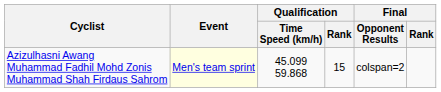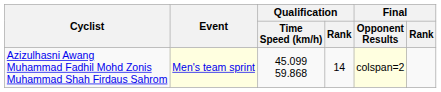 <table class="wikitable" style="font-size:90%">
 <tr>
 <th rowspan=2>Cyclist</th>
 <th rowspan=2>Event</th>
 <th colspan=2>Qualification</th>
 <th colspan=2>Final</th>
 </tr>
 <tr style="font-size:95%">
 <th>Time<br>Speed (km/h)</th>
 <th>Rank</th>
 <th>Opponent<br>Results</th>
 <th>Rank</th>
 </tr>
 <tr align=center>
 <td align=left><a href='#'>Azizulhasni Awang</a><br><a href='#'>Muhammad Fadhil Mohd Zonis</a><br><a href='#'>Muhammad Shah Firdaus Sahrom</a></td>
 <td align=left style="background: lightyellow;"><a href='#'>Men's team sprint</a></td>
 <td>45.099<br>59.868</td>
-<td>15</td>
-<td>colspan=2 </td>
+<td>14</td>
+<td style="background: lightyellow;">colspan=2 </td>
 </tr>
 </table>
